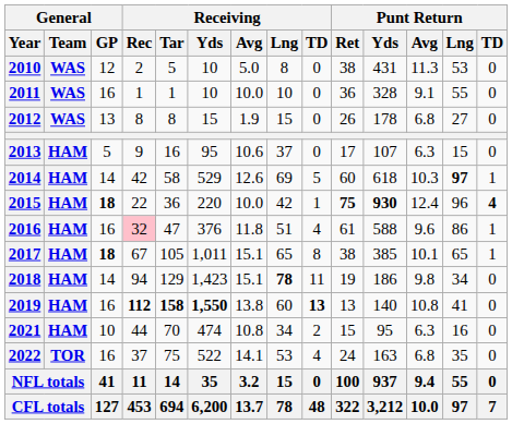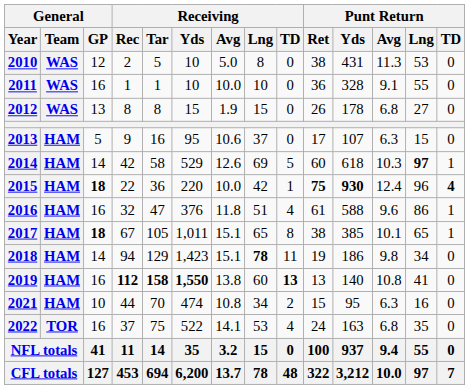 <table class="wikitable sortable" style="text-align:center;">
 <tr>
 <th colspan="3">General</th>
 <th colspan="6">Receiving</th>
 <th colspan="5">Punt Return</th>
 </tr>
 <tr>
 <th>Year</th>
 <th>Team</th>
 <th>GP</th>
 <th>Rec</th>
 <th>Tar</th>
 <th>Yds</th>
 <th>Avg</th>
 <th>Lng</th>
 <th>TD</th>
 <th>Ret</th>
 <th>Yds</th>
 <th>Avg</th>
 <th>Lng</th>
 <th>TD</th>
 </tr>
 <tr>
 <th><a href='#'>2010</a></th>
 <th><a href='#'>WAS</a></th>
 <td>12</td>
 <td>2</td>
 <td>5</td>
 <td>10</td>
 <td>5.0</td>
 <td>8</td>
 <td>0</td>
 <td>38</td>
 <td>431</td>
 <td>11.3</td>
 <td>53</td>
 <td>0</td>
 </tr>
 <tr>
 <th><a href='#'>2011</a></th>
 <th><a href='#'>WAS</a></th>
 <td>16</td>
 <td>1</td>
 <td>1</td>
 <td>10</td>
 <td>10.0</td>
 <td>10</td>
 <td>0</td>
 <td>36</td>
 <td>328</td>
 <td>9.1</td>
 <td>55</td>
 <td>0</td>
 </tr>
 <tr>
 <th><a href='#'>2012</a></th>
 <th><a href='#'>WAS</a></th>
 <td>13</td>
 <td>8</td>
 <td>8</td>
 <td>15</td>
 <td>1.9</td>
 <td>15</td>
 <td>0</td>
 <td>26</td>
 <td>178</td>
 <td>6.8</td>
 <td>27</td>
 <td>0</td>
 </tr>
 <tr>
 <th colspan="14"></th>
 </tr>
 <tr>
 <th><a href='#'>2013</a></th>
 <th><a href='#'>HAM</a></th>
 <td>5</td>
 <td>9</td>
 <td>16</td>
 <td>95</td>
 <td>10.6</td>
 <td>37</td>
 <td>0</td>
 <td>17</td>
 <td>107</td>
 <td>6.3</td>
 <td>15</td>
 <td>0</td>
 </tr>
 <tr>
 <th><a href='#'>2014</a></th>
 <th><a href='#'>HAM</a></th>
 <td>14</td>
 <td>42</td>
 <td>58</td>
 <td>529</td>
 <td>12.6</td>
 <td>69</td>
 <td>5</td>
 <td>60</td>
 <td>618</td>
 <td>10.3</td>
 <td><strong>97</strong></td>
 <td>1</td>
 </tr>
 <tr>
 <th><a href='#'>2015</a></th>
 <th><a href='#'>HAM</a></th>
 <td><strong>18</strong></td>
 <td>22</td>
 <td>36</td>
 <td>220</td>
 <td>10.0</td>
 <td>42</td>
 <td>1</td>
 <td><strong>75</strong></td>
 <td><strong>930</strong></td>
 <td>12.4</td>
 <td>96</td>
 <td><strong>4</strong></td>
 </tr>
 <tr>
 <th><a href='#'>2016</a></th>
 <th><a href='#'>HAM</a></th>
 <td>16</td>
-<td style="background: pink;">32</td>
+<td>32</td>
 <td>47</td>
 <td>376</td>
 <td>11.8</td>
 <td>51</td>
 <td>4</td>
 <td>61</td>
 <td>588</td>
 <td>9.6</td>
 <td>86</td>
 <td>1</td>
 </tr>
 <tr>
 <th><a href='#'>2017</a></th>
 <th><a href='#'>HAM</a></th>
 <td><strong>18</strong></td>
 <td>67</td>
 <td>105</td>
 <td>1,011</td>
 <td>15.1</td>
 <td>65</td>
 <td>8</td>
 <td>38</td>
 <td>385</td>
 <td>10.1</td>
 <td>65</td>
 <td>1</td>
 </tr>
 <tr>
 <th><a href='#'>2018</a></th>
 <th><a href='#'>HAM</a></th>
 <td>14</td>
 <td>94</td>
 <td>129</td>
 <td>1,423</td>
 <td>15.1</td>
 <td><strong>78</strong></td>
 <td>11</td>
 <td>19</td>
 <td>186</td>
 <td>9.8</td>
 <td>34</td>
 <td>0</td>
 </tr>
 <tr>
 <th><a href='#'>2019</a></th>
 <th><a href='#'>HAM</a></th>
 <td>16</td>
 <td><strong>112</strong></td>
 <td><strong>158</strong></td>
 <td><strong>1,550</strong></td>
 <td>13.8</td>
 <td>60</td>
 <td><strong>13</strong></td>
 <td>13</td>
 <td>140</td>
 <td>10.8</td>
 <td>41</td>
 <td>0</td>
 </tr>
 <tr>
 <th><a href='#'>2021</a></th>
 <th><a href='#'>HAM</a></th>
 <td>10</td>
 <td>44</td>
 <td>70</td>
 <td>474</td>
 <td>10.8</td>
 <td>34</td>
 <td>2</td>
 <td>15</td>
 <td>95</td>
 <td>6.3</td>
 <td>16</td>
 <td>0</td>
 </tr>
 <tr>
 <th><a href='#'>2022</a></th>
 <th><a href='#'>TOR</a></th>
 <td>16</td>
 <td>37</td>
 <td>75</td>
 <td>522</td>
 <td>14.1</td>
 <td>53</td>
 <td>4</td>
 <td>24</td>
 <td>163</td>
 <td>6.8</td>
 <td>35</td>
 <td>0</td>
 </tr>
 <tr>
 <th colspan="2"><a href='#'>NFL totals</a></th>
 <th>41</th>
 <th>11</th>
 <th>14</th>
 <th>35</th>
 <th>3.2</th>
 <th>15</th>
 <th>0</th>
 <th>100</th>
 <th>937</th>
 <th>9.4</th>
 <th>55</th>
 <th>0</th>
 </tr>
 <tr>
 <th colspan="2"><a href='#'>CFL totals</a></th>
 <th>127</th>
 <th>453</th>
 <th>694</th>
 <th>6,200</th>
 <th>13.7</th>
 <th>78</th>
 <th>48</th>
 <th>322</th>
 <th>3,212</th>
 <th>10.0</th>
 <th>97</th>
 <th>7</th>
 </tr>
 </table>
